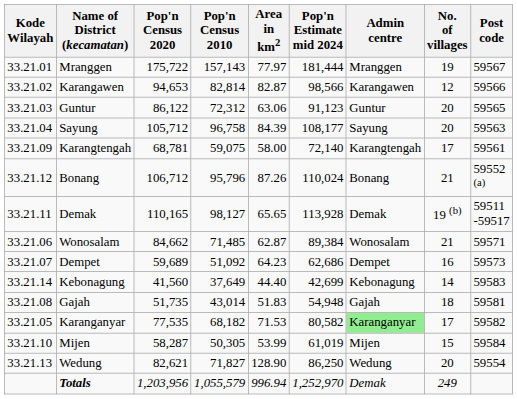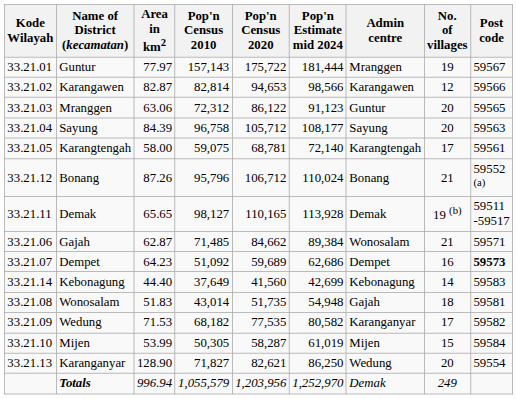 <table class="sortable wikitable">
 <tr>
 <th>Kode <br>Wilayah</th>
 <th>Name of<br>District<br>(<em>kecamatan</em>)</th>
+<th>Area <br> in<br>km<sup>2</sup></th>
+<th>Pop'n<br>Census<br>2010</th>
 <th>Pop'n<br>Census<br>2020</th>
-<th>Pop'n<br>Census<br>2010</th>
-<th>Area <br> in<br>km<sup>2</sup></th>
 <th>Pop'n<br>Estimate<br>mid 2024</th>
 <th>Admin<br> centre</th>
 <th>No.<br>of<br>villages</th>
 <th>Post<br>code</th>
 </tr>
 <tr>
 <td>33.21.01</td>
-<td>Mranggen</td>
+<td>Guntur</td>
+<td align="right">77.97</td>
+<td align="right">157,143</td>
 <td align="right">175,722</td>
-<td align="right">157,143</td>
-<td align="right">77.97</td>
 <td align="right">181,444</td>
 <td>Mranggen</td>
 <td align="center">19</td>
 <td>59567</td>
 </tr>
 <tr>
 <td>33.21.02</td>
 <td>Karangawen</td>
+<td align="right">82.87</td>
+<td align="right">82,814</td>
 <td align="right">94,653</td>
-<td align="right">82,814</td>
-<td align="right">82.87</td>
 <td align="right">98,566</td>
 <td>Karangawen</td>
 <td align="center">12</td>
 <td>59566</td>
 </tr>
 <tr>
 <td>33.21.03</td>
-<td>Guntur</td>
+<td>Mranggen</td>
+<td align="right">63.06</td>
+<td align="right">72,312</td>
 <td align="right">86,122</td>
-<td align="right">72,312</td>
-<td align="right">63.06</td>
 <td align="right">91,123</td>
 <td>Guntur</td>
 <td align="center">20</td>
 <td>59565</td>
 </tr>
 <tr>
 <td>33.21.04</td>
 <td>Sayung</td>
+<td align="right">84.39</td>
+<td align="right">96,758</td>
 <td align="right">105,712</td>
-<td align="right">96,758</td>
-<td align="right">84.39</td>
 <td align="right">108,177</td>
 <td>Sayung</td>
 <td align="center">20</td>
 <td>59563</td>
 </tr>
 <tr>
-<td>33.21.09</td>
+<td>33.21.05</td>
 <td>Karangtengah</td>
+<td align="right">58.00</td>
+<td align="right">59,075</td>
 <td align="right">68,781</td>
-<td align="right">59,075</td>
-<td align="right">58.00</td>
 <td align="right">72,140</td>
 <td>Karangtengah</td>
 <td align="center">17</td>
 <td>59561</td>
 </tr>
 <tr>
 <td>33.21.12</td>
 <td>Bonang</td>
+<td align="right">87.26</td>
+<td align="right">95,796</td>
 <td align="right">106,712</td>
-<td align="right">95,796</td>
-<td align="right">87.26</td>
 <td align="right">110,024</td>
 <td>Bonang</td>
 <td align="center">21</td>
 <td>59552<br><sup>(a)</sup></td>
 </tr>
 <tr>
 <td>33.21.11</td>
 <td>Demak</td>
+<td align="right">65.65</td>
+<td align="right">98,127</td>
 <td align="right">110,165</td>
-<td align="right">98,127</td>
-<td align="right">65.65</td>
 <td align="right">113,928</td>
 <td>Demak</td>
 <td align="center">19 <sup>(b)</sup></td>
 <td>59511<br>-59517</td>
 </tr>
 <tr>
 <td>33.21.06</td>
-<td>Wonosalam</td>
+<td>Gajah</td>
+<td align="right">62.87</td>
+<td align="right">71,485</td>
 <td align="right">84,662</td>
-<td align="right">71,485</td>
-<td align="right">62.87</td>
 <td align="right">89,384</td>
 <td>Wonosalam</td>
 <td align="center">21</td>
 <td>59571</td>
 </tr>
 <tr>
 <td>33.21.07</td>
 <td>Dempet</td>
+<td align="right">64.23</td>
+<td align="right">51,092</td>
 <td align="right">59,689</td>
-<td align="right">51,092</td>
-<td align="right">64.23</td>
 <td align="right">62,686</td>
 <td>Dempet</td>
 <td align="center">16</td>
-<td>59573</td>
+<td><strong>59573</strong></td>
 </tr>
 <tr>
 <td>33.21.14</td>
 <td>Kebonagung</td>
+<td align="right">44.40</td>
+<td align="right">37,649</td>
 <td align="right">41,560</td>
-<td align="right">37,649</td>
-<td align="right">44.40</td>
 <td align="right">42,699</td>
 <td>Kebonagung</td>
 <td align="center">14</td>
 <td>59583</td>
 </tr>
 <tr>
 <td>33.21.08</td>
-<td>Gajah</td>
+<td>Wonosalam</td>
+<td align="right">51.83</td>
+<td align="right">43,014</td>
 <td align="right">51,735</td>
-<td align="right">43,014</td>
-<td align="right">51.83</td>
 <td align="right">54,948</td>
 <td>Gajah</td>
 <td align="center">18</td>
 <td>59581</td>
 </tr>
 <tr>
-<td>33.21.05</td>
+<td>33.21.09</td>
+<td>Wedung</td>
+<td align="right">71.53</td>
+<td align="right">68,182</td>
+<td align="right">77,535</td>
+<td align="right">80,582</td>
 <td>Karanganyar</td>
-<td align="right">77,535</td>
-<td align="right">68,182</td>
-<td align="right">71.53</td>
-<td align="right">80,582</td>
-<td style="background: lightgreen;">Karanganyar</td>
 <td align="center">17</td>
 <td>59582</td>
 </tr>
 <tr>
 <td>33.21.10</td>
 <td>Mijen</td>
+<td align="right">53.99</td>
+<td align="right">50,305</td>
 <td align="right">58,287</td>
-<td align="right">50,305</td>
-<td align="right">53.99</td>
 <td align="right">61,019</td>
 <td>Mijen</td>
 <td align="center">15</td>
 <td>59584</td>
 </tr>
 <tr>
 <td>33.21.13</td>
-<td>Wedung</td>
+<td>Karanganyar</td>
+<td align="right">128.90</td>
+<td align="right">71,827</td>
 <td align="right">82,621</td>
-<td align="right">71,827</td>
-<td align="right">128.90</td>
 <td align="right">86,250</td>
 <td>Wedung</td>
 <td align="center">20</td>
 <td>59554</td>
 </tr>
 <tr>
 <td></td>
 <td><strong><em>Totals</em></strong></td>
+<td align="right"><em>996.94</em></td>
+<td align="right"><em>1,055,579</em></td>
 <td align="right"><em>1,203,956</em></td>
-<td align="right"><em>1,055,579</em></td>
-<td align="right"><em>996.94</em></td>
 <td align="right"><em>1,252,970</em></td>
 <td><em>Demak</em></td>
 <td align="center"><em>249</em></td>
 <td></td>
 </tr>
 </table>
